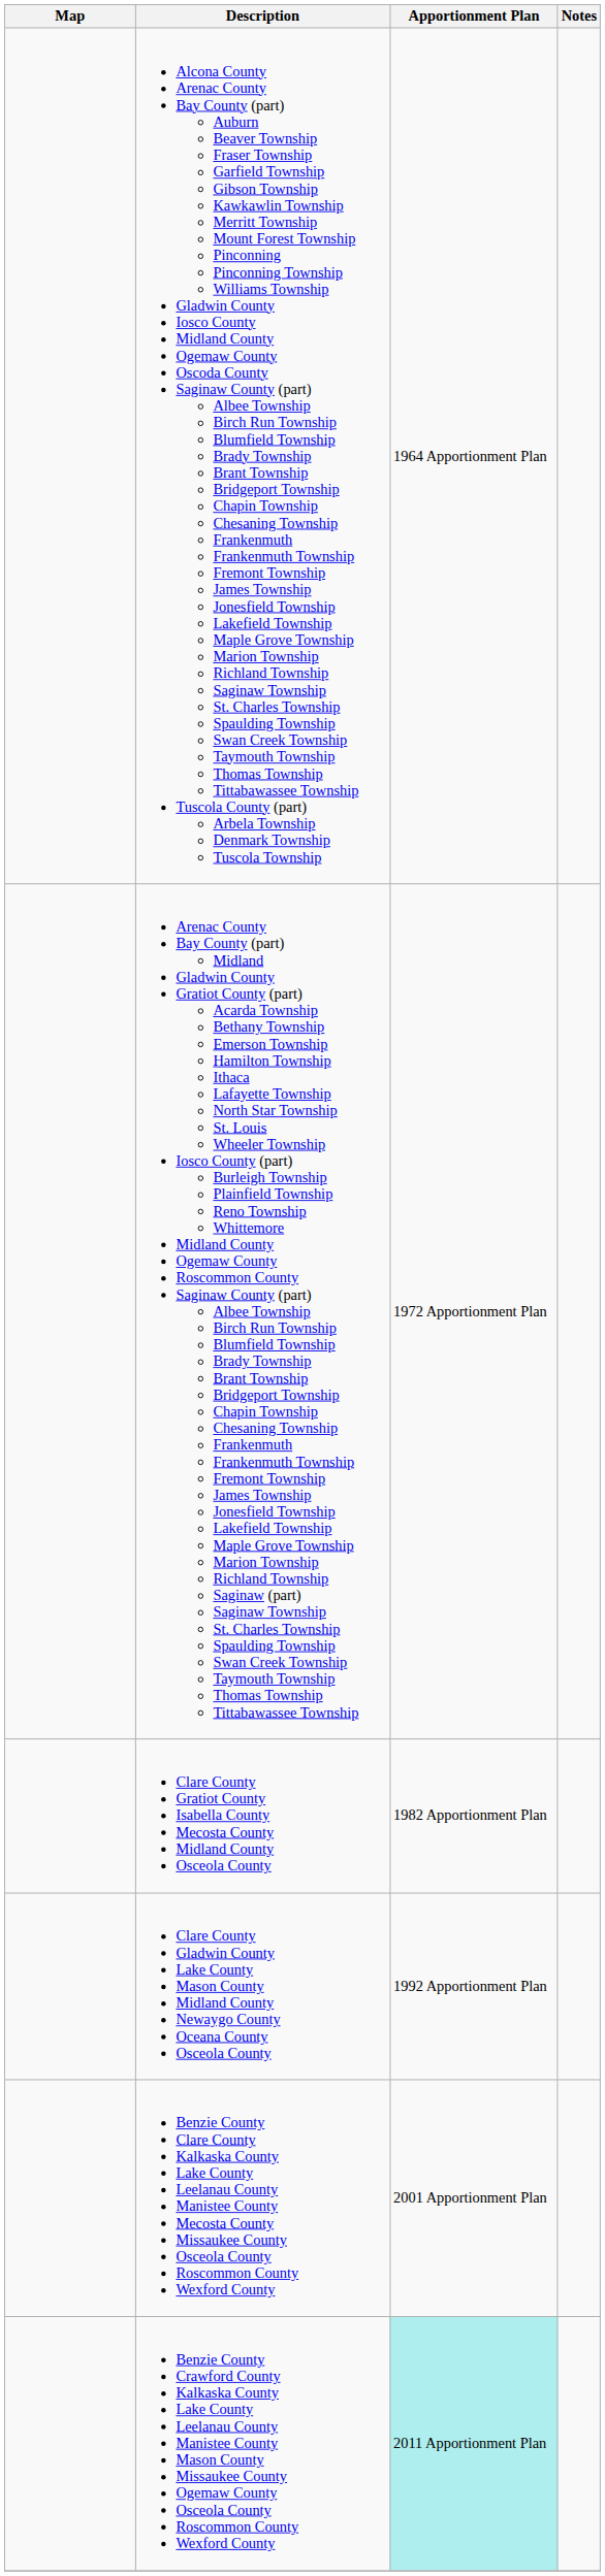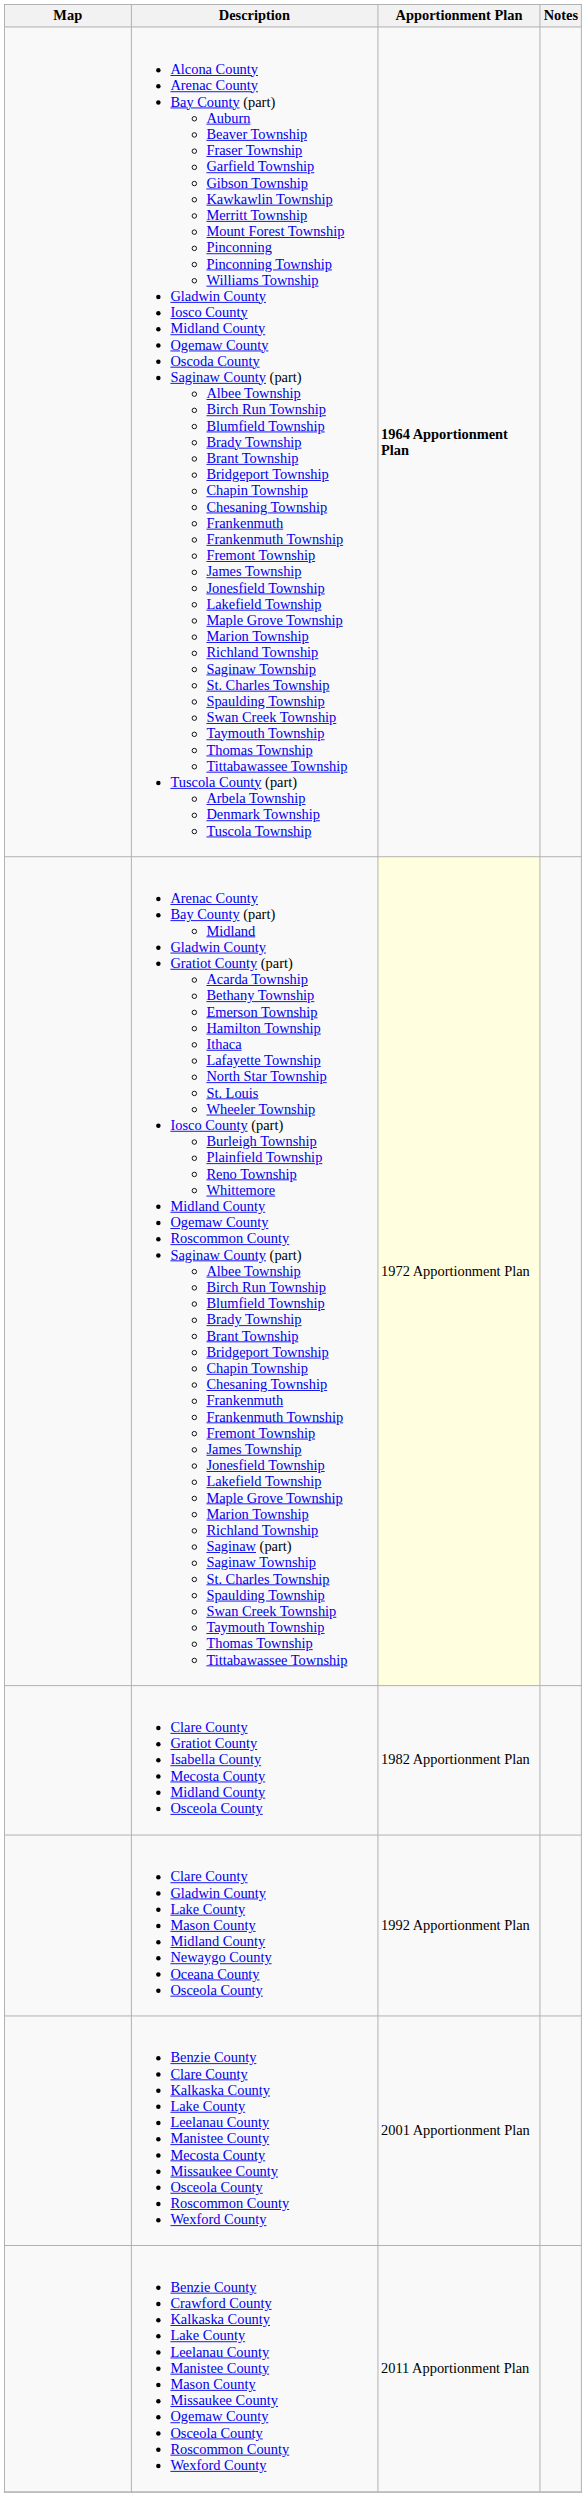 <table class="wikitable sortable">
 <tr>
 <th style="width:100pt;">Map</th>
 <th style="width:200pt;">Description</th>
 <th style="width:130pt;">Apportionment Plan</th>
 <th style="width:15pt;">Notes</th>
 </tr>
 <tr>
 <td></td>
 <td><br><ul><li><a href='#'>Alcona County</a></li><li><a href='#'>Arenac County</a></li><li><a href='#'>Bay County</a> (part)<ul><li><a href='#'>Auburn</a></li><li><a href='#'>Beaver Township</a></li><li><a href='#'>Fraser Township</a></li><li><a href='#'>Garfield Township</a></li><li><a href='#'>Gibson Township</a></li><li><a href='#'>Kawkawlin Township</a></li><li><a href='#'>Merritt Township</a></li><li><a href='#'>Mount Forest Township</a></li><li><a href='#'>Pinconning</a></li><li><a href='#'>Pinconning Township</a></li><li><a href='#'>Williams Township</a></li></ul></li><li><a href='#'>Gladwin County</a></li><li><a href='#'>Iosco County</a></li><li><a href='#'>Midland County</a></li><li><a href='#'>Ogemaw County</a></li><li><a href='#'>Oscoda County</a></li><li><a href='#'>Saginaw County</a> (part)<ul><li><a href='#'>Albee Township</a></li><li><a href='#'>Birch Run Township</a></li><li><a href='#'>Blumfield Township</a></li><li><a href='#'>Brady Township</a></li><li><a href='#'>Brant Township</a></li><li><a href='#'>Bridgeport Township</a></li><li><a href='#'>Chapin Township</a></li><li><a href='#'>Chesaning Township</a></li><li><a href='#'>Frankenmuth</a></li><li><a href='#'>Frankenmuth Township</a></li><li><a href='#'>Fremont Township</a></li><li><a href='#'>James Township</a></li><li><a href='#'>Jonesfield Township</a></li><li><a href='#'>Lakefield Township</a></li><li><a href='#'>Maple Grove Township</a></li><li><a href='#'>Marion Township</a></li><li><a href='#'>Richland Township</a></li><li><a href='#'>Saginaw Township</a></li><li><a href='#'>St. Charles Township</a></li><li><a href='#'>Spaulding Township</a></li><li><a href='#'>Swan Creek Township</a></li><li><a href='#'>Taymouth Township</a></li><li><a href='#'>Thomas Township</a></li><li><a href='#'>Tittabawassee Township</a></li></ul></li><li><a href='#'>Tuscola County</a> (part)<ul><li><a href='#'>Arbela Township</a></li><li><a href='#'>Denmark Township</a></li><li><a href='#'>Tuscola Township</a></li></ul></li></ul></td>
-<td>1964 Apportionment Plan</td>
+<td><strong>1964 Apportionment Plan</strong></td>
 <td></td>
 </tr>
 <tr>
 <td></td>
 <td><br><ul><li><a href='#'>Arenac County</a></li><li><a href='#'>Bay County</a> (part)<ul><li><a href='#'>Midland</a></li></ul></li><li><a href='#'>Gladwin County</a></li><li><a href='#'>Gratiot County</a> (part)<ul><li><a href='#'>Acarda Township</a></li><li><a href='#'>Bethany Township</a></li><li><a href='#'>Emerson Township</a></li><li><a href='#'>Hamilton Township</a></li><li><a href='#'>Ithaca</a></li><li><a href='#'>Lafayette Township</a></li><li><a href='#'>North Star Township</a></li><li><a href='#'>St. Louis</a></li><li><a href='#'>Wheeler Township</a></li></ul></li><li><a href='#'>Iosco County</a> (part)<ul><li><a href='#'>Burleigh Township</a></li><li><a href='#'>Plainfield Township</a></li><li><a href='#'>Reno Township</a></li><li><a href='#'>Whittemore</a></li></ul></li><li><a href='#'>Midland County</a></li><li><a href='#'>Ogemaw County</a></li><li><a href='#'>Roscommon County</a></li><li><a href='#'>Saginaw County</a> (part)<ul><li><a href='#'>Albee Township</a></li><li><a href='#'>Birch Run Township</a></li><li><a href='#'>Blumfield Township</a></li><li><a href='#'>Brady Township</a></li><li><a href='#'>Brant Township</a></li><li><a href='#'>Bridgeport Township</a></li><li><a href='#'>Chapin Township</a></li><li><a href='#'>Chesaning Township</a></li><li><a href='#'>Frankenmuth</a></li><li><a href='#'>Frankenmuth Township</a></li><li><a href='#'>Fremont Township</a></li><li><a href='#'>James Township</a></li><li><a href='#'>Jonesfield Township</a></li><li><a href='#'>Lakefield Township</a></li><li><a href='#'>Maple Grove Township</a></li><li><a href='#'>Marion Township</a></li><li><a href='#'>Richland Township</a></li><li><a href='#'>Saginaw</a> (part)</li><li><a href='#'>Saginaw Township</a></li><li><a href='#'>St. Charles Township</a></li><li><a href='#'>Spaulding Township</a></li><li><a href='#'>Swan Creek Township</a></li><li><a href='#'>Taymouth Township</a></li><li><a href='#'>Thomas Township</a></li><li><a href='#'>Tittabawassee Township</a></li></ul></li></ul></td>
-<td>1972 Apportionment Plan</td>
+<td style="background: lightyellow;">1972 Apportionment Plan</td>
 <td></td>
 </tr>
 <tr>
 <td></td>
 <td><br><ul><li><a href='#'>Clare County</a></li><li><a href='#'>Gratiot County</a></li><li><a href='#'>Isabella County</a></li><li><a href='#'>Mecosta County</a></li><li><a href='#'>Midland County</a></li><li><a href='#'>Osceola County</a></li></ul></td>
 <td>1982 Apportionment Plan</td>
 <td></td>
 </tr>
 <tr>
 <td></td>
 <td><br><ul><li><a href='#'>Clare County</a></li><li><a href='#'>Gladwin County</a></li><li><a href='#'>Lake County</a></li><li><a href='#'>Mason County</a></li><li><a href='#'>Midland County</a></li><li><a href='#'>Newaygo County</a></li><li><a href='#'>Oceana County</a></li><li><a href='#'>Osceola County</a></li></ul></td>
 <td>1992 Apportionment Plan</td>
 <td></td>
 </tr>
 <tr>
 <td></td>
 <td><br><ul><li><a href='#'>Benzie County</a></li><li><a href='#'>Clare County</a></li><li><a href='#'>Kalkaska County</a></li><li><a href='#'>Lake County</a></li><li><a href='#'>Leelanau County</a></li><li><a href='#'>Manistee County</a></li><li><a href='#'>Mecosta County</a></li><li><a href='#'>Missaukee County</a></li><li><a href='#'>Osceola County</a></li><li><a href='#'>Roscommon County</a></li><li><a href='#'>Wexford County</a></li></ul></td>
 <td>2001 Apportionment Plan</td>
 <td></td>
 </tr>
 <tr>
 <td></td>
 <td><br><ul><li><a href='#'>Benzie County</a></li><li><a href='#'>Crawford County</a></li><li><a href='#'>Kalkaska County</a></li><li><a href='#'>Lake County</a></li><li><a href='#'>Leelanau County</a></li><li><a href='#'>Manistee County</a></li><li><a href='#'>Mason County</a></li><li><a href='#'>Missaukee County</a></li><li><a href='#'>Ogemaw County</a></li><li><a href='#'>Osceola County</a></li><li><a href='#'>Roscommon County</a></li><li><a href='#'>Wexford County</a></li></ul></td>
-<td style="background: paleturquoise;">2011 Apportionment Plan</td>
+<td>2011 Apportionment Plan</td>
 <td></td>
 </tr>
 <tr>
 </tr>
 </table>
